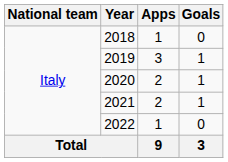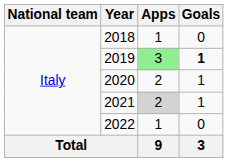 <table class="wikitable" style="text-align:center">
 <tr>
 <th>National team</th>
 <th>Year</th>
 <th>Apps</th>
 <th>Goals</th>
 </tr>
 <tr>
 <td rowspan="5"><a href='#'>Italy</a></td>
 <td>2018</td>
 <td>1</td>
 <td>0</td>
 </tr>
 <tr>
 <td>2019</td>
-<td>3</td>
-<td>1</td>
+<td style="background: lightgreen;">3</td>
+<td><strong>1</strong></td>
 </tr>
 <tr>
 <td>2020</td>
 <td>2</td>
 <td>1</td>
 </tr>
 <tr>
 <td>2021</td>
-<td>2</td>
+<td style="background: lightgrey;">2</td>
 <td>1</td>
 </tr>
 <tr>
 <td>2022</td>
 <td>1</td>
 <td>0</td>
 </tr>
 <tr>
 <th colspan="2">Total</th>
 <th>9</th>
 <th>3</th>
 </tr>
 </table>
